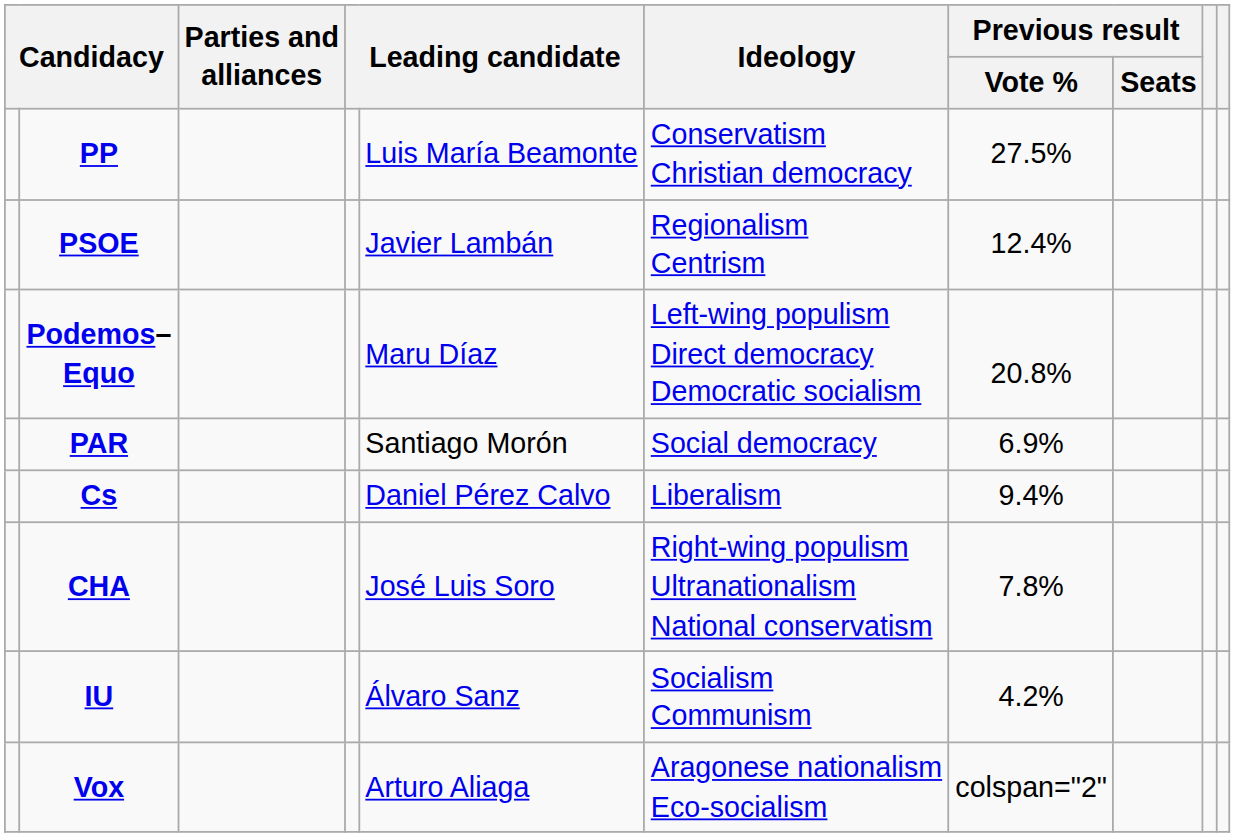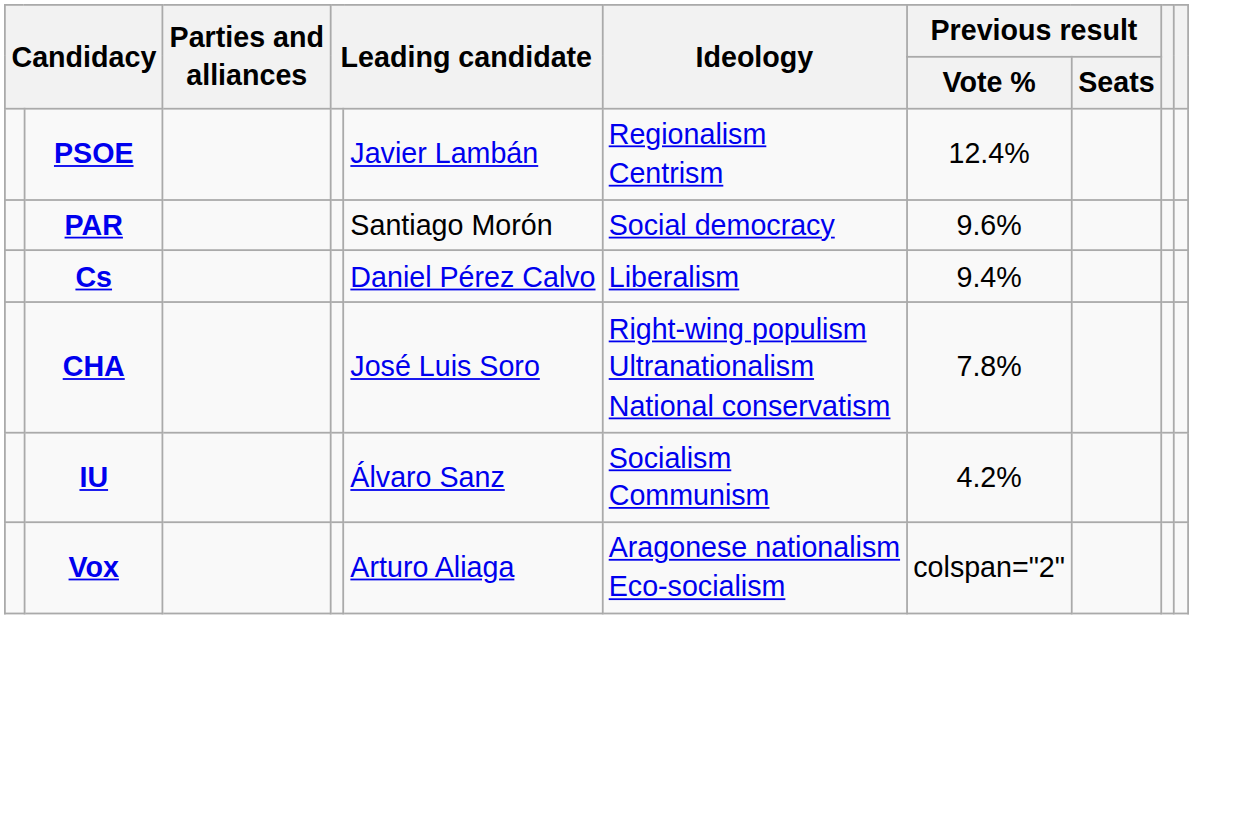 <table class="wikitable" style="line-height:1.35em; text-align:left;">
 <tr>
 <th colspan="2" rowspan="2">Candidacy</th>
 <th rowspan="2">Parties and<br>alliances</th>
 <th colspan="2" rowspan="2">Leading candidate</th>
 <th rowspan="2">Ideology</th>
 <th colspan="2">Previous result</th>
 <th rowspan="2"></th>
 <th rowspan="2"></th>
 </tr>
 <tr>
 <th>Vote %</th>
 <th>Seats</th>
 </tr>
 <tr>
-<td width="1" style="color:inherit;background:"></td>
-<td align="center"><strong><a href='#'>PP</a></strong></td>
-<td></td>
-<td></td>
-<td><a href='#'>Luis María Beamonte</a></td>
-<td><a href='#'>Conservatism</a><br><a href='#'>Christian democracy</a></td>
-<td align="center">27.5%</td>
-<td></td>
-<td></td>
-<td></td>
-</tr>
-<tr>
 <td style="color:inherit;background:"></td>
 <td align="center"><strong><a href='#'>PSOE</a></strong></td>
 <td></td>
 <td></td>
 <td><a href='#'>Javier Lambán</a></td>
 <td><a href='#'>Regionalism</a><br><a href='#'>Centrism</a></td>
 <td align="center">12.4%</td>
 <td></td>
 <td></td>
 <td></td>
 </tr>
 <tr>
 <td style="color:inherit;background:"></td>
-<td align="center"><strong><a href='#'>Podemos</a>–<br><a href='#'>Equo</a></strong></td>
-<td></td>
-<td></td>
-<td><a href='#'>Maru Díaz</a></td>
-<td><a href='#'>Left-wing populism</a><br><a href='#'>Direct democracy</a><br><a href='#'>Democratic socialism</a></td>
-<td align="center"><br>20.8%<br></td>
-<td></td>
-<td></td>
-<td><br></td>
-</tr>
-<tr>
-<td style="color:inherit;background:"></td>
 <td align="center"><strong><a href='#'>PAR</a></strong></td>
 <td></td>
 <td></td>
 <td>Santiago Morón</td>
 <td><a href='#'>Social democracy</a></td>
-<td align="center">6.9%</td>
+<td align="center">9.6%</td>
 <td></td>
 <td></td>
 <td></td>
 </tr>
 <tr>
 <td style="color:inherit;background:"></td>
 <td align="center"><strong><a href='#'>Cs</a></strong></td>
 <td></td>
 <td></td>
 <td><a href='#'>Daniel Pérez Calvo</a></td>
 <td><a href='#'>Liberalism</a></td>
 <td align="center">9.4%</td>
 <td></td>
 <td></td>
 <td></td>
 </tr>
 <tr>
 <td style="color:inherit;background:"></td>
 <td align="center"><strong><a href='#'>CHA</a></strong></td>
 <td></td>
 <td></td>
 <td><a href='#'>José Luis Soro</a></td>
 <td><a href='#'>Right-wing populism</a><br><a href='#'>Ultranationalism</a><br><a href='#'>National conservatism</a></td>
 <td align="center">7.8%</td>
 <td></td>
 <td></td>
 <td></td>
 </tr>
 <tr>
 <td style="color:inherit;background:"></td>
 <td align="center"><strong><a href='#'>IU</a></strong></td>
 <td></td>
 <td></td>
 <td><a href='#'>Álvaro Sanz</a></td>
 <td><a href='#'>Socialism</a><br><a href='#'>Communism</a></td>
 <td align="center">4.2%</td>
 <td></td>
 <td></td>
 <td></td>
 </tr>
 <tr>
 <td style="color:inherit;background:"></td>
 <td align="center"><strong><a href='#'>Vox</a></strong></td>
 <td></td>
 <td></td>
 <td><a href='#'>Arturo Aliaga</a></td>
 <td><a href='#'>Aragonese nationalism</a><br><a href='#'>Eco-socialism</a></td>
 <td>colspan="2" </td>
 <td></td>
 <td></td>
 </tr>
 </table>
